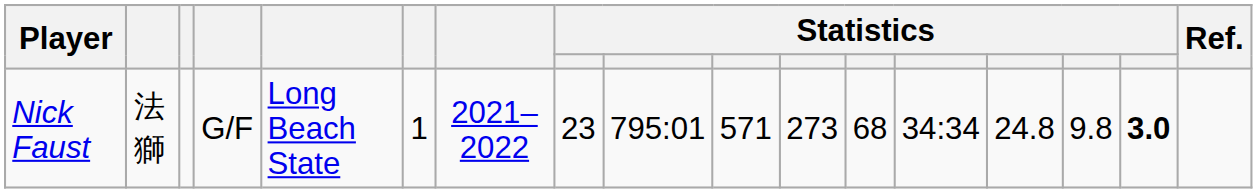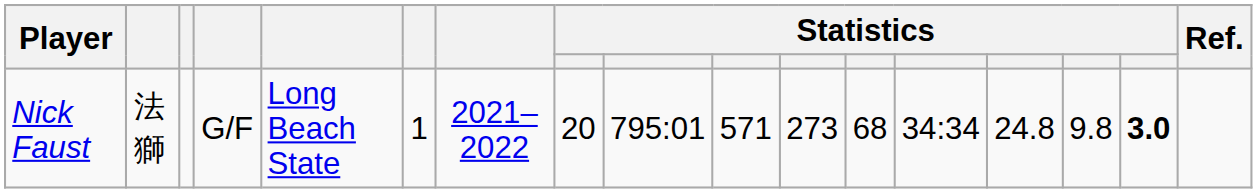 <table class="wikitable sortable" style="font-size:95%; text-align:right;">
 <tr>
 <th rowspan="2">Player</th>
 <th rowspan="2"></th>
 <th rowspan="2"></th>
 <th rowspan="2"></th>
 <th rowspan="2"></th>
 <th rowspan="2"></th>
 <th rowspan="2"></th>
 <th colspan="9">Statistics</th>
 <th rowspan="2">Ref.</th>
 </tr>
 <tr>
 <th></th>
 <th></th>
 <th></th>
 <th></th>
 <th></th>
 <th></th>
 <th></th>
 <th></th>
 <th></th>
 </tr>
 <tr>
 <td align="left"><em><a href='#'>Nick Faust</a></em></td>
 <td align="left">法獅</td>
 <td align="center"></td>
 <td align="center">G/F</td>
 <td align="left"><a href='#'>Long Beach State</a></td>
 <td align="center">1</td>
 <td align="center"><a href='#'>2021–2022</a></td>
-<td>23</td>
+<td>20</td>
 <td>795:01</td>
 <td>571</td>
 <td>273</td>
 <td>68</td>
 <td>34:34</td>
 <td>24.8</td>
 <td>9.8</td>
 <td><strong>3.0</strong></td>
 <td align="center"></td>
 </tr>
 </table>
